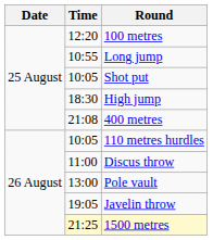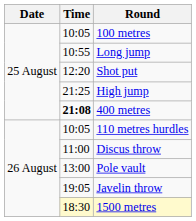 <table class="wikitable">
 <tr>
 <th>Date</th>
 <th>Time</th>
 <th>Round</th>
 </tr>
 <tr>
 <td rowspan=5>25 August</td>
-<td>12:20</td>
+<td>10:05</td>
 <td><a href='#'>100 metres</a></td>
 </tr>
 <tr>
 <td>10:55</td>
 <td><a href='#'>Long jump</a></td>
 </tr>
 <tr>
-<td>10:05</td>
+<td>12:20</td>
 <td><a href='#'>Shot put</a></td>
 </tr>
 <tr>
-<td>18:30</td>
+<td>21:25</td>
 <td><a href='#'>High jump</a></td>
 </tr>
 <tr>
-<td>21:08</td>
+<td><strong>21:08</strong></td>
 <td><a href='#'>400 metres</a></td>
 </tr>
 <tr>
 <td rowspan=5>26 August</td>
 <td>10:05</td>
 <td><a href='#'>110 metres hurdles</a></td>
 </tr>
 <tr>
 <td>11:00</td>
 <td><a href='#'>Discus throw</a></td>
 </tr>
 <tr>
 <td>13:00</td>
 <td><a href='#'>Pole vault</a></td>
 </tr>
 <tr>
 <td>19:05</td>
 <td><a href='#'>Javelin throw</a></td>
 </tr>
 <tr style=background:lemonchiffon>
-<td>21:25</td>
+<td>18:30</td>
 <td><a href='#'>1500 metres</a></td>
 </tr>
 </table>
